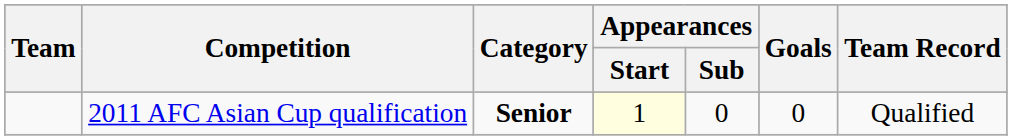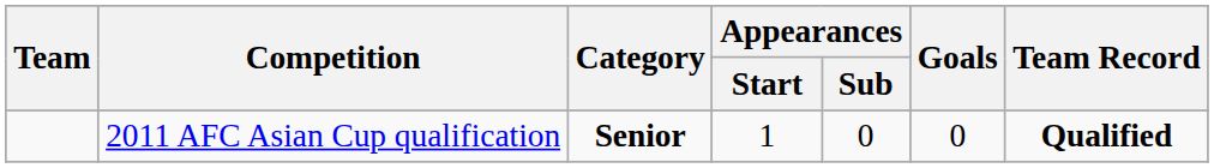 <table class="wikitable" style="text-align: center;">
 <tr>
 <th rowspan="2">Team</th>
 <th rowspan="2">Competition</th>
 <th rowspan="2">Category</th>
 <th colspan="2">Appearances</th>
 <th rowspan="2">Goals</th>
 <th rowspan="2">Team Record</th>
 </tr>
 <tr>
 <th>Start</th>
 <th>Sub</th>
 </tr>
 <tr>
 <td align="left"></td>
 <td align="left"><a href='#'>2011 AFC Asian Cup qualification</a></td>
 <td><strong>Senior</strong></td>
-<td style="background: lightyellow;">1</td>
+<td>1</td>
 <td>0</td>
 <td>0</td>
-<td>Qualified</td>
+<td><strong>Qualified</strong></td>
 </tr>
 </table>
